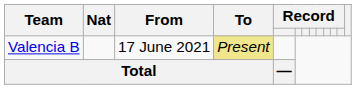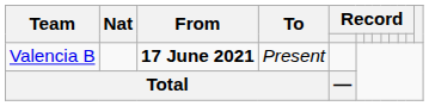 <table class="wikitable" style="text-align: center">
 <tr>
 <th rowspan="2">Team</th>
 <th rowspan="2">Nat</th>
 <th rowspan="2">From</th>
 <th rowspan="2">To</th>
 <th colspan="8">Record</th>
 <th rowspan=2></th>
 </tr>
 <tr>
 <th></th>
 <th></th>
 <th></th>
 <th></th>
 <th></th>
 <th></th>
 <th></th>
 <th></th>
 </tr>
 <tr>
 <td align=left><a href='#'>Valencia B</a></td>
 <td></td>
-<td align=left>17 June 2021</td>
-<td align=left style="background: khaki;"><em>Present</em><br></td>
+<td align=left><strong>17 June 2021</strong></td>
+<td align=left><em>Present</em><br></td>
 <td></td>
 </tr>
 <tr>
 <th colspan="4">Total<br></th>
 <th>—</th>
 </tr>
 </table>
